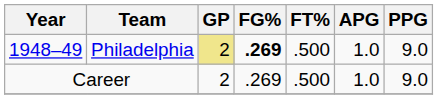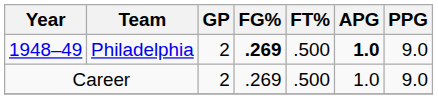 <table class="wikitable sortable" style="font-size:95%; text-align:right;">
 <tr>
 <th>Year</th>
 <th>Team</th>
 <th>GP</th>
 <th>FG%</th>
 <th>FT%</th>
 <th>APG</th>
 <th>PPG</th>
 </tr>
 <tr>
 <td style="text-align:left;"><a href='#'>1948–49</a></td>
 <td style="text-align:left;"><a href='#'>Philadelphia</a></td>
-<td style="background: khaki;">2</td>
+<td>2</td>
 <td><strong>.269</strong></td>
 <td>.500</td>
-<td>1.0</td>
+<td><strong>1.0</strong></td>
 <td>9.0</td>
 </tr>
 <tr>
 <td style="text-align:center;" colspan="2">Career</td>
 <td>2</td>
 <td>.269</td>
 <td>.500</td>
 <td>1.0</td>
 <td>9.0</td>
 </tr>
 <tr>
 </tr>
 </table>
